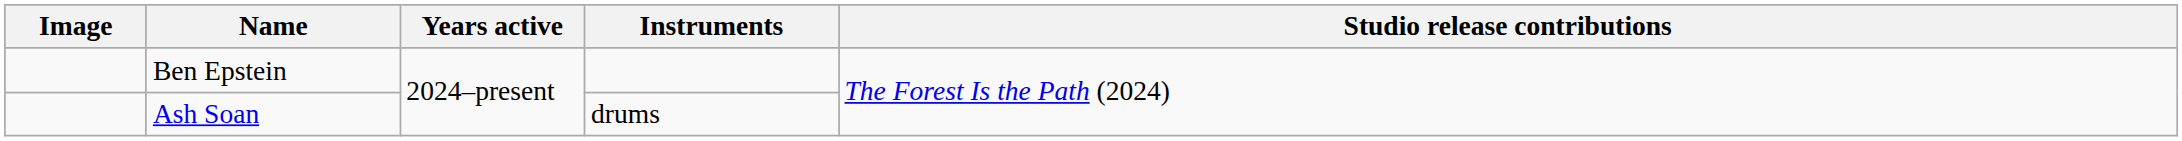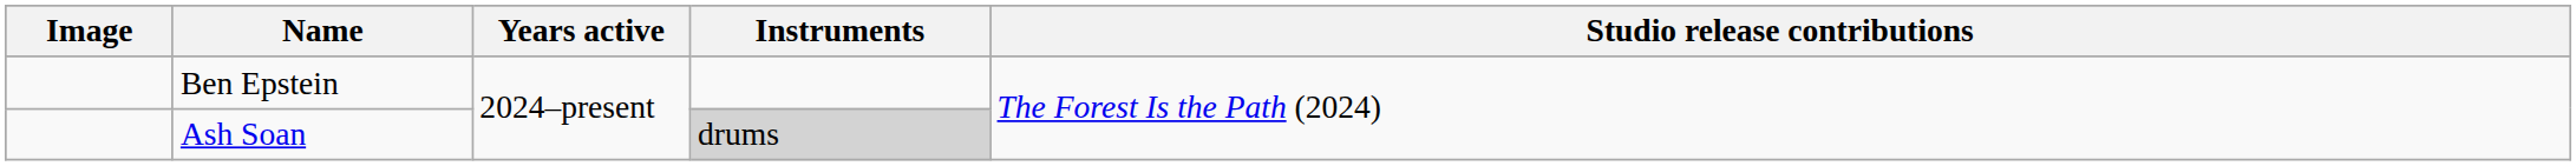 <table class="wikitable" width="100%" border="1">
 <tr>
 <th width="75">Image</th>
 <th width="140">Name</th>
 <th width="100">Years active</th>
 <th width="140">Instruments</th>
 <th>Studio release contributions</th>
 </tr>
 <tr>
 <td></td>
 <td>Ben Epstein</td>
 <td rowspan="2">2024–present</td>
 <td></td>
 <td rowspan="2"><em><a href='#'>The Forest Is the Path</a></em> (2024)</td>
 </tr>
 <tr>
 <td></td>
 <td><a href='#'>Ash Soan</a></td>
-<td>drums</td>
+<td style="background: lightgrey;">drums</td>
 </tr>
 </table>
